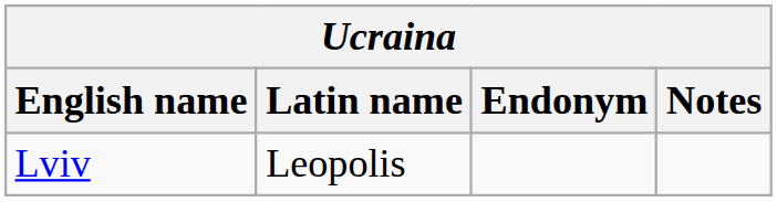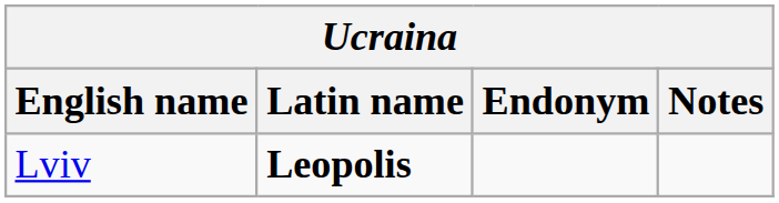 <table class="wikitable sortable">
 <tr>
 <th colspan="4"> <em>Ucraina</em></th>
 </tr>
 <tr>
 <th>English name</th>
 <th>Latin name</th>
 <th>Endonym</th>
 <th>Notes</th>
 </tr>
 <tr>
 <td><a href='#'>Lviv</a></td>
-<td>Leopolis</td>
+<td><strong>Leopolis</strong></td>
 <td></td>
 <td></td>
 </tr>
 </table>
